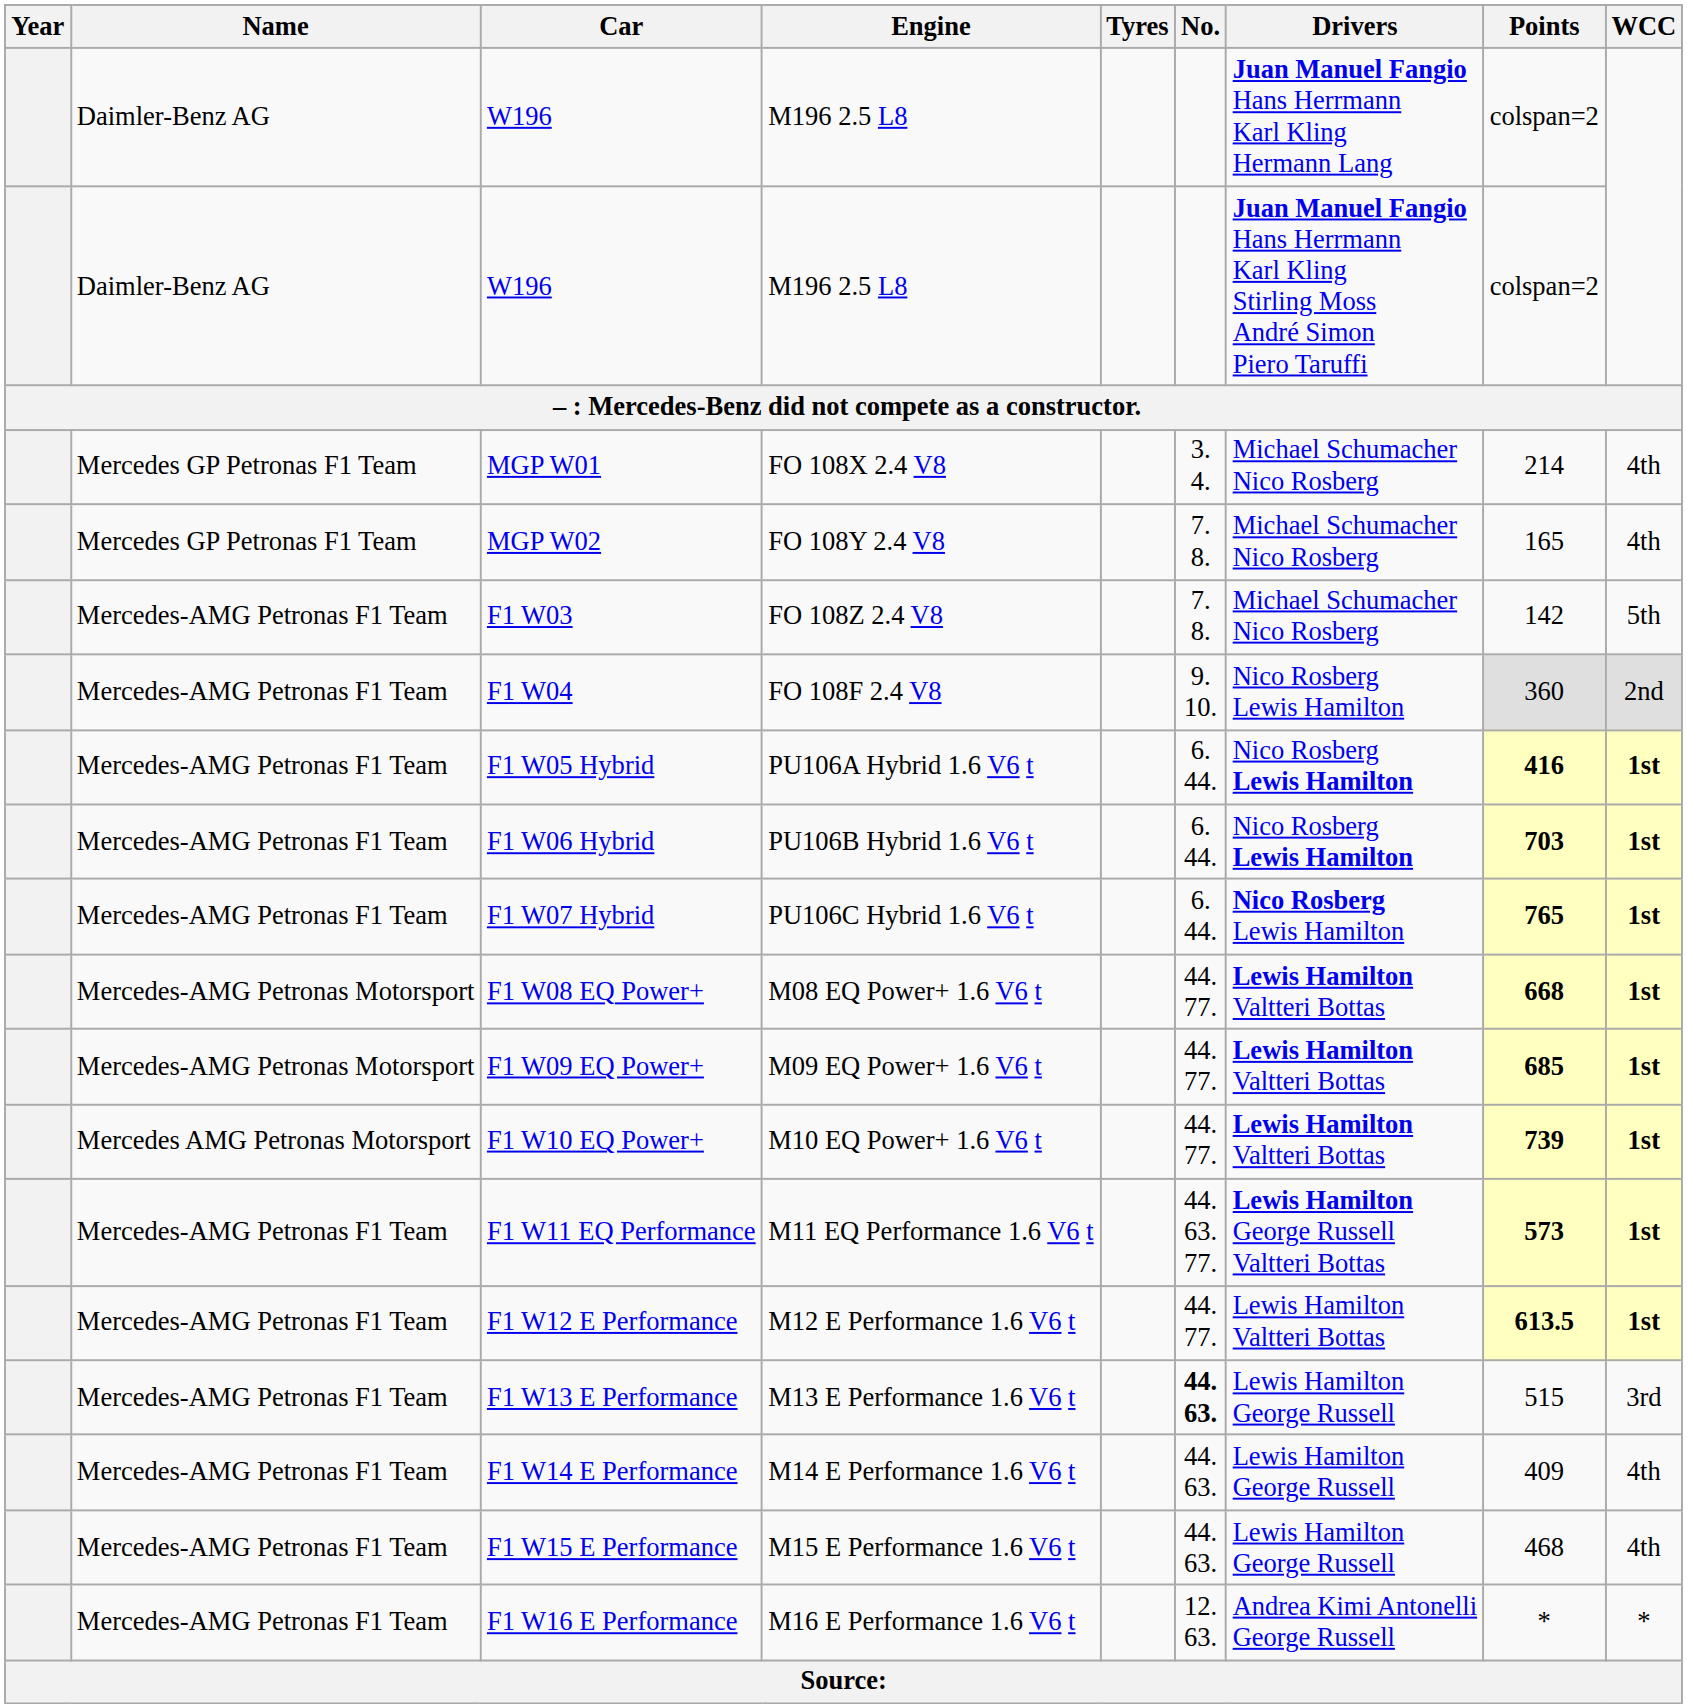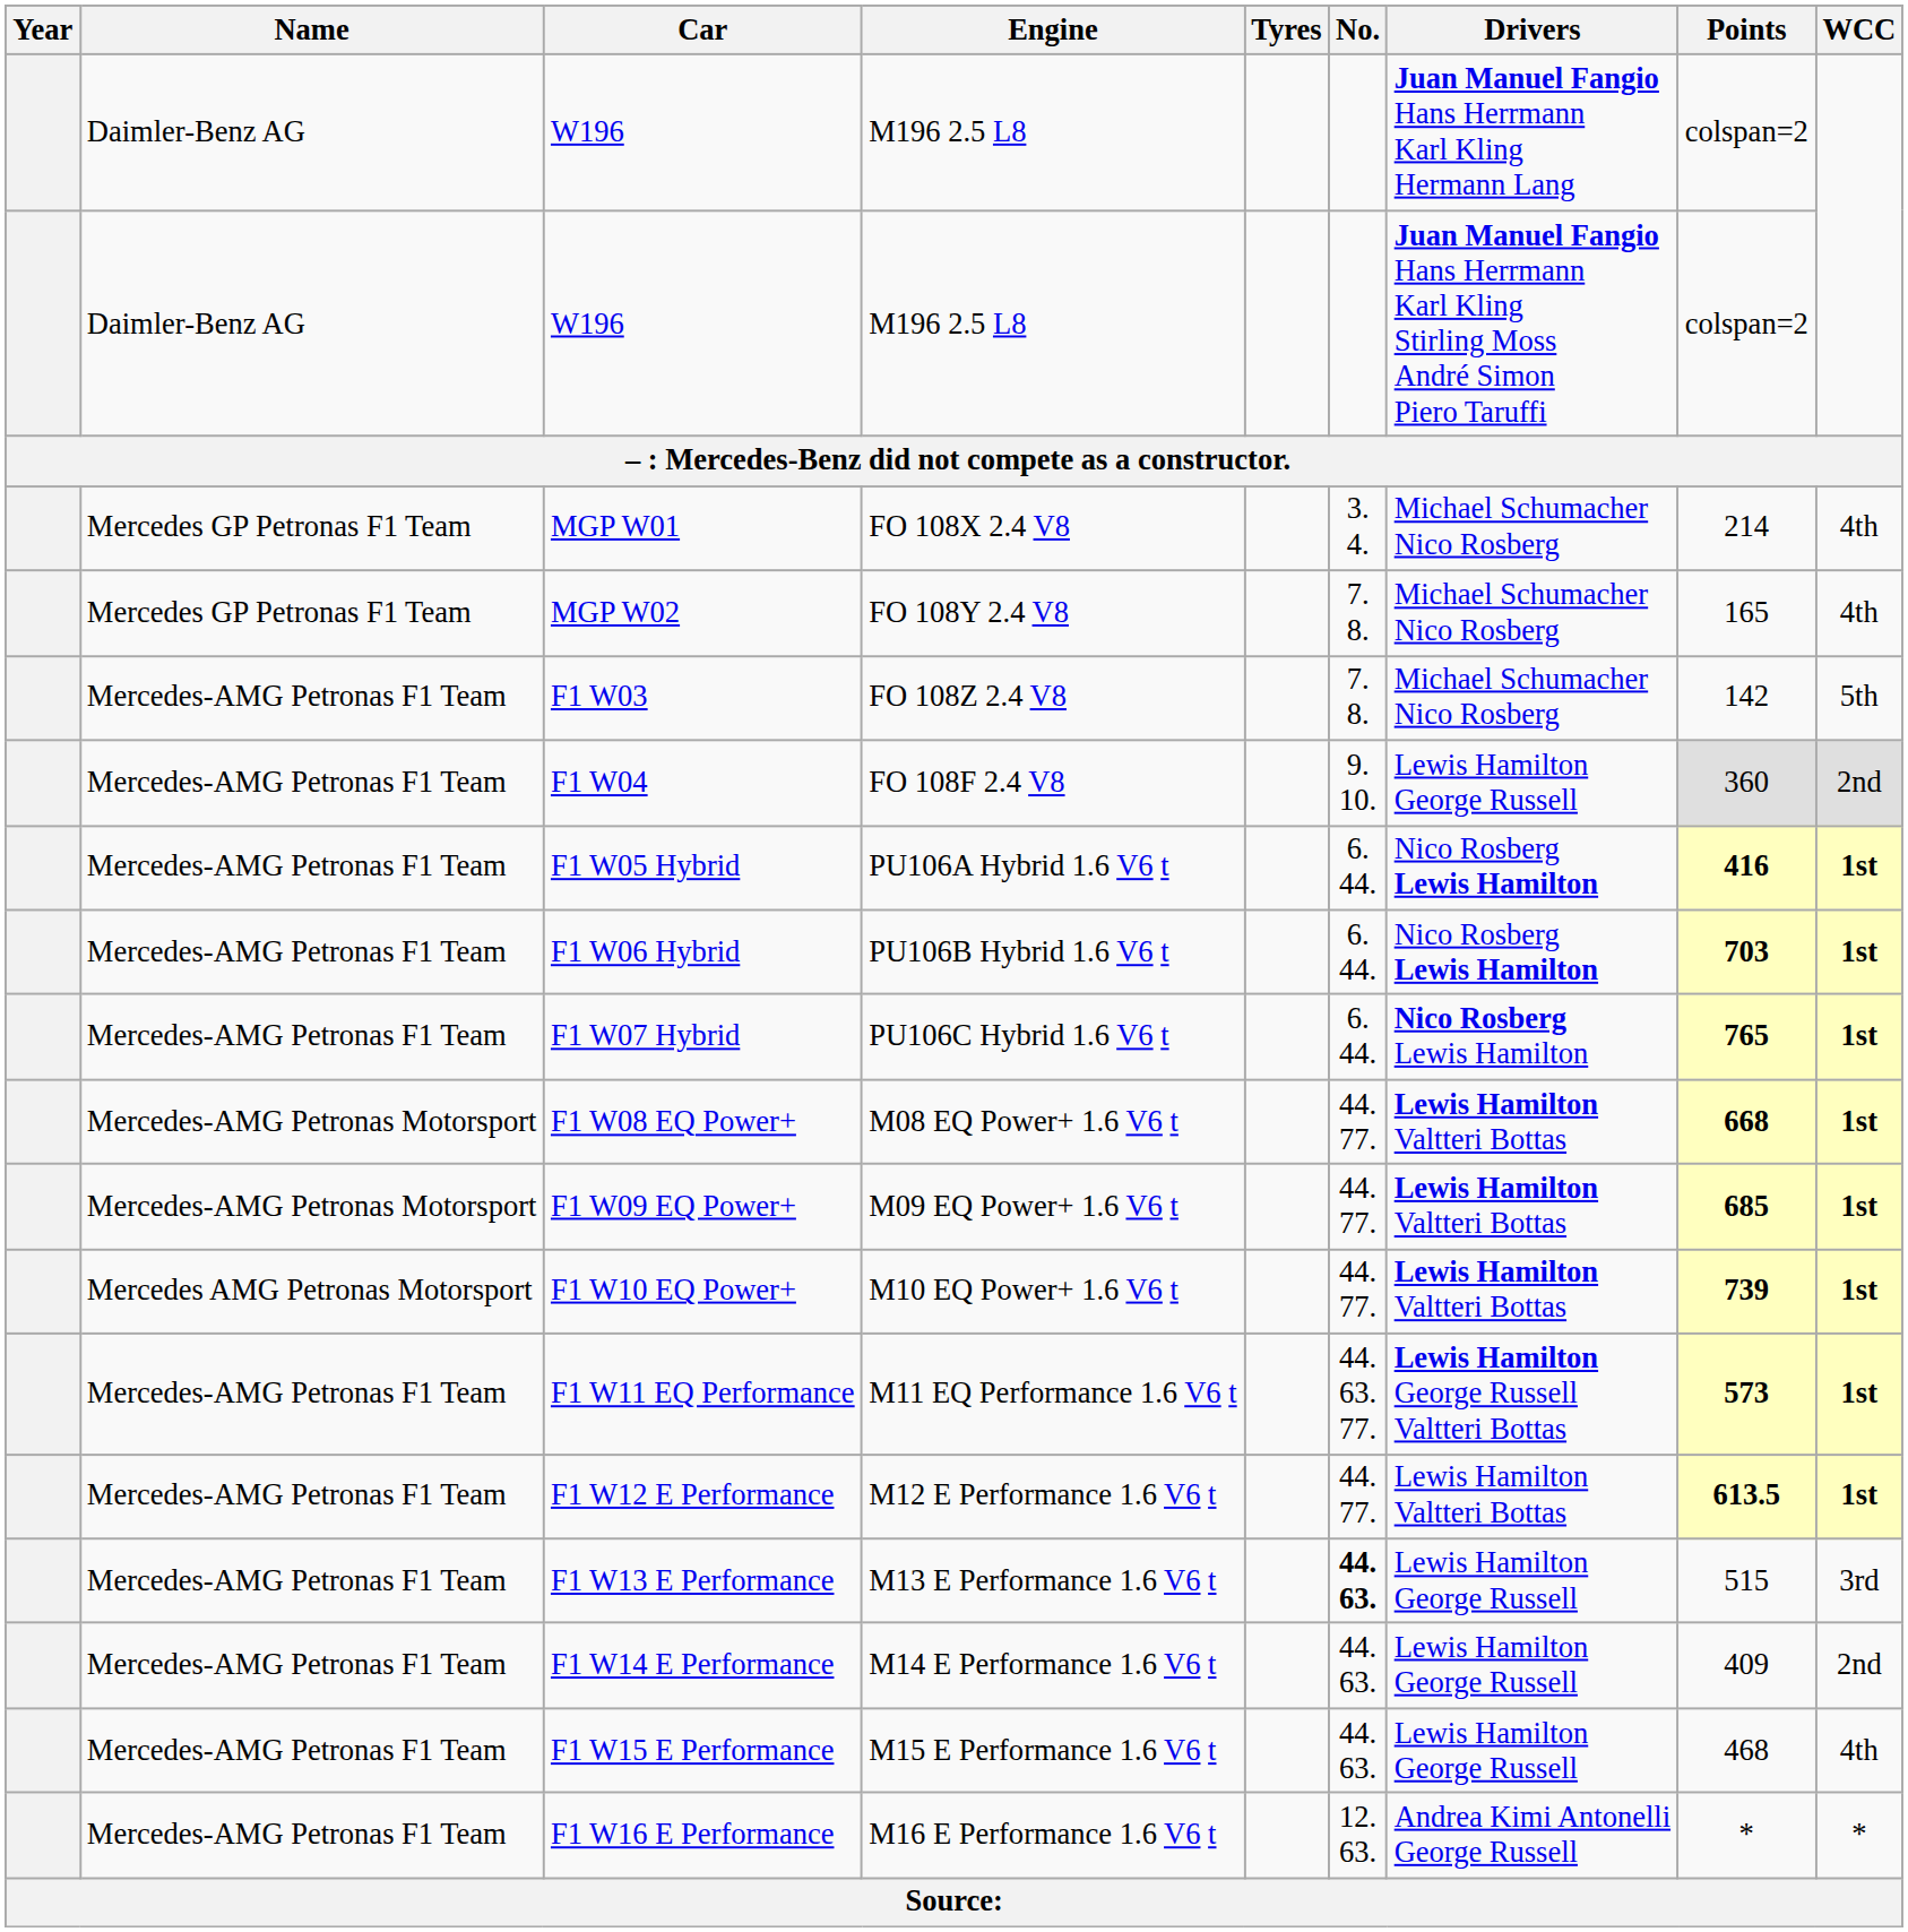 <table class="wikitable" style="text-align:center; font-size:85%">
 <tr>
 <th>Year</th>
 <th>Name</th>
 <th>Car</th>
 <th>Engine</th>
 <th>Tyres</th>
 <th>No.</th>
 <th>Drivers</th>
 <th>Points</th>
 <th>WCC</th>
 </tr>
 <tr>
 <th></th>
 <td align="left"> Daimler-Benz AG</td>
 <td align="left"><a href='#'>W196</a></td>
 <td align="left">M196 2.5 <a href='#'>L8</a></td>
 <td></td>
 <td></td>
 <td align="left"> <strong><a href='#'>Juan Manuel Fangio</a></strong><br> <a href='#'>Hans Herrmann</a><br> <a href='#'>Karl Kling</a><br> <a href='#'>Hermann Lang</a></td>
 <td>colspan=2 </td>
 </tr>
 <tr>
 <th></th>
 <td align="left"> Daimler-Benz AG</td>
 <td align="left"><a href='#'>W196</a></td>
 <td align="left">M196 2.5 <a href='#'>L8</a></td>
 <td></td>
 <td></td>
 <td align="left"> <strong><a href='#'>Juan Manuel Fangio</a></strong><br> <a href='#'>Hans Herrmann</a><br> <a href='#'>Karl Kling</a><br> <a href='#'>Stirling Moss</a><br> <a href='#'>André Simon</a><br> <a href='#'>Piero Taruffi</a></td>
 <td>colspan=2 </td>
 </tr>
 <tr>
 <th colspan="29" style="text-align:center;"> – : Mercedes-Benz did not compete as a constructor.</th>
 </tr>
 <tr>
 <th></th>
 <td align="left"> Mercedes GP Petronas F1 Team</td>
 <td align="left"><a href='#'>MGP W01</a></td>
 <td align="left">FO 108X 2.4 <a href='#'>V8</a></td>
 <td></td>
 <td>3.<br>4.</td>
 <td align="left"> <a href='#'>Michael Schumacher</a><br> <a href='#'>Nico Rosberg</a></td>
 <td>214</td>
 <td>4th</td>
 </tr>
 <tr>
 <th></th>
 <td align="left"> Mercedes GP Petronas F1 Team</td>
 <td align="left"><a href='#'>MGP W02</a></td>
 <td align="left">FO 108Y 2.4 <a href='#'>V8</a></td>
 <td></td>
 <td>7.<br>8.</td>
 <td align="left"> <a href='#'>Michael Schumacher</a><br> <a href='#'>Nico Rosberg</a></td>
 <td>165</td>
 <td>4th</td>
 </tr>
 <tr>
 <th></th>
 <td align="left"> Mercedes-AMG Petronas F1 Team</td>
 <td align="left"><a href='#'>F1 W03</a></td>
 <td align="left">FO 108Z 2.4 <a href='#'>V8</a></td>
 <td></td>
 <td>7.<br>8.</td>
 <td align="left"> <a href='#'>Michael Schumacher</a><br> <a href='#'>Nico Rosberg</a></td>
 <td>142</td>
 <td>5th</td>
 </tr>
 <tr>
 <th></th>
 <td align="left"> Mercedes-AMG Petronas F1 Team</td>
 <td align="left"><a href='#'>F1 W04</a></td>
 <td align="left">FO 108F 2.4 <a href='#'>V8</a></td>
 <td></td>
 <td>9.<br>10.</td>
-<td align="left"> <a href='#'>Nico Rosberg</a><br> <a href='#'>Lewis Hamilton</a></td>
+<td align="left"> <a href='#'>Lewis Hamilton</a><br> <a href='#'>George Russell</a></td>
 <td style="background:#dfdfdf;">360</td>
 <td style="background:#dfdfdf;">2nd</td>
 </tr>
 <tr>
 <th></th>
 <td align="left"> Mercedes-AMG Petronas F1 Team</td>
 <td align="left"><a href='#'>F1 W05 Hybrid</a></td>
 <td align="left">PU106A Hybrid 1.6 <a href='#'>V6</a> <a href='#'>t</a></td>
 <td></td>
 <td>6.<br>44.</td>
 <td align="left"> <a href='#'>Nico Rosberg</a><br> <strong><a href='#'>Lewis Hamilton</a></strong></td>
 <td style="background:#ffffbf;"><strong>416</strong></td>
 <td style="background:#ffffbf;"><strong>1st</strong></td>
 </tr>
 <tr>
 <th></th>
 <td align="left"> Mercedes-AMG Petronas F1 Team</td>
 <td align="left"><a href='#'>F1 W06 Hybrid</a></td>
 <td align="left">PU106B Hybrid 1.6 <a href='#'>V6</a> <a href='#'>t</a></td>
 <td></td>
 <td>6.<br>44.</td>
 <td align="left"> <a href='#'>Nico Rosberg</a><br> <strong><a href='#'>Lewis Hamilton</a></strong></td>
 <td style="background:#ffffbf;"><strong>703</strong></td>
 <td style="background:#ffffbf;"><strong>1st</strong></td>
 </tr>
 <tr>
 <th></th>
 <td align="left"> Mercedes-AMG Petronas F1 Team</td>
 <td align="left"><a href='#'>F1 W07 Hybrid</a></td>
 <td align="left">PU106C Hybrid 1.6 <a href='#'>V6</a> <a href='#'>t</a></td>
 <td></td>
 <td>6.<br>44.</td>
 <td align="left"> <strong><a href='#'>Nico Rosberg</a></strong><br> <a href='#'>Lewis Hamilton</a></td>
 <td style="background:#ffffbf;"><strong>765</strong></td>
 <td style="background:#ffffbf;"><strong>1st</strong></td>
 </tr>
 <tr>
 <th></th>
 <td align="left"> Mercedes-AMG Petronas Motorsport</td>
 <td align="left"><a href='#'>F1 W08 EQ Power+</a></td>
 <td align="left">M08 EQ Power+ 1.6 <a href='#'>V6</a> <a href='#'>t</a></td>
 <td></td>
 <td>44.<br>77.</td>
 <td align="left"> <strong><a href='#'>Lewis Hamilton</a></strong><br> <a href='#'>Valtteri Bottas</a></td>
 <td style="background:#ffffbf;"><strong>668</strong></td>
 <td style="background:#ffffbf;"><strong>1st</strong></td>
 </tr>
 <tr>
 <th></th>
 <td align="left"> Mercedes-AMG Petronas Motorsport</td>
 <td align="left"><a href='#'>F1 W09 EQ Power+</a></td>
 <td align="left">M09 EQ Power+ 1.6 <a href='#'>V6</a> <a href='#'>t</a></td>
 <td></td>
 <td>44.<br>77.</td>
 <td align="left"> <strong><a href='#'>Lewis Hamilton</a></strong><br> <a href='#'>Valtteri Bottas</a></td>
 <td style="background:#ffffbf;"><strong>685</strong></td>
 <td style="background:#ffffbf;"><strong>1st</strong></td>
 </tr>
 <tr>
 <th></th>
 <td align="left"> Mercedes AMG Petronas Motorsport</td>
 <td align="left"><a href='#'>F1 W10 EQ Power+</a></td>
 <td align="left">M10 EQ Power+ 1.6 <a href='#'>V6</a> <a href='#'>t</a></td>
 <td></td>
 <td>44.<br>77.</td>
 <td align="left"> <strong><a href='#'>Lewis Hamilton</a></strong><br> <a href='#'>Valtteri Bottas</a></td>
 <td style="background:#ffffbf;"><strong>739</strong></td>
 <td style="background:#ffffbf;"><strong>1st</strong></td>
 </tr>
 <tr>
 <th></th>
 <td align="left"> Mercedes-AMG Petronas F1 Team</td>
 <td align="left"><a href='#'>F1 W11 EQ Performance</a></td>
 <td align="left">M11 EQ Performance 1.6 <a href='#'>V6</a> <a href='#'>t</a></td>
 <td></td>
 <td>44.<br>63.<br>77.</td>
 <td align="left"> <strong><a href='#'>Lewis Hamilton</a></strong><br> <a href='#'>George Russell</a><br> <a href='#'>Valtteri Bottas</a></td>
 <td style="background:#ffffbf;"><strong>573</strong></td>
 <td style="background:#ffffbf;"><strong>1st</strong></td>
 </tr>
 <tr>
 <th></th>
 <td align="left"> Mercedes-AMG Petronas F1 Team</td>
 <td align="left"><a href='#'>F1 W12 E Performance</a></td>
 <td align="left">M12 E Performance 1.6 <a href='#'>V6</a> <a href='#'>t</a></td>
 <td></td>
 <td>44.<br>77.</td>
 <td align="left"> <a href='#'>Lewis Hamilton</a><br> <a href='#'>Valtteri Bottas</a></td>
 <td style="background:#ffffbf;"><strong>613.5</strong></td>
 <td style="background:#ffffbf;"><strong>1st</strong></td>
 </tr>
 <tr>
 <th></th>
 <td align="left"> Mercedes-AMG Petronas F1 Team</td>
 <td align="left"><a href='#'>F1 W13 E Performance</a></td>
 <td align="left">M13 E Performance 1.6 <a href='#'>V6</a> <a href='#'>t</a></td>
 <td></td>
 <td><strong>44.<br>63.</strong></td>
 <td align="left"> <a href='#'>Lewis Hamilton</a><br> <a href='#'>George Russell</a></td>
 <td> 515</td>
 <td> 3rd</td>
 </tr>
 <tr>
 <th></th>
 <td align="left"> Mercedes-AMG Petronas F1 Team</td>
 <td align="left"><a href='#'>F1 W14 E Performance</a></td>
 <td align="left">M14 E Performance 1.6 <a href='#'>V6</a> <a href='#'>t</a></td>
 <td></td>
 <td>44.<br>63.</td>
 <td align="left"> <a href='#'>Lewis Hamilton</a><br> <a href='#'>George Russell</a></td>
 <td> 409</td>
-<td>4th</td>
+<td> 2nd</td>
 </tr>
 <tr>
 <th></th>
 <td align="left"> Mercedes-AMG Petronas F1 Team</td>
 <td align="left"><a href='#'>F1 W15 E Performance</a></td>
 <td align="left">M15 E Performance 1.6 <a href='#'>V6</a> <a href='#'>t</a></td>
 <td></td>
 <td>44.<br>63.</td>
 <td align="left"> <a href='#'>Lewis Hamilton</a><br> <a href='#'>George Russell</a></td>
 <td>468</td>
 <td>4th</td>
 </tr>
 <tr>
 <th></th>
 <td align="left"> Mercedes-AMG Petronas F1 Team</td>
 <td align="left"><a href='#'>F1 W16 E Performance</a></td>
 <td align="left">M16 E Performance 1.6 <a href='#'>V6</a> <a href='#'>t</a></td>
 <td></td>
 <td>12.<br>63.</td>
 <td align="left"> <a href='#'>Andrea Kimi Antonelli</a><br> <a href='#'>George Russell</a></td>
 <td>*</td>
 <td>*</td>
 </tr>
 <tr>
 <th colspan="9">Source:</th>
 </tr>
 </table>
